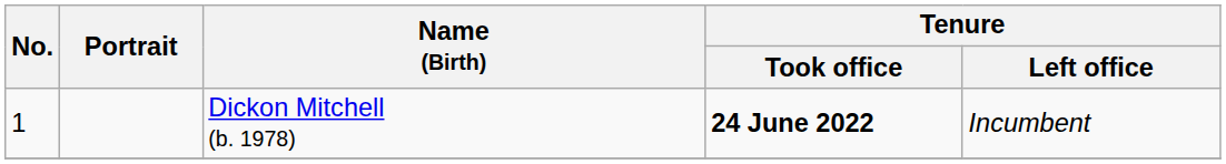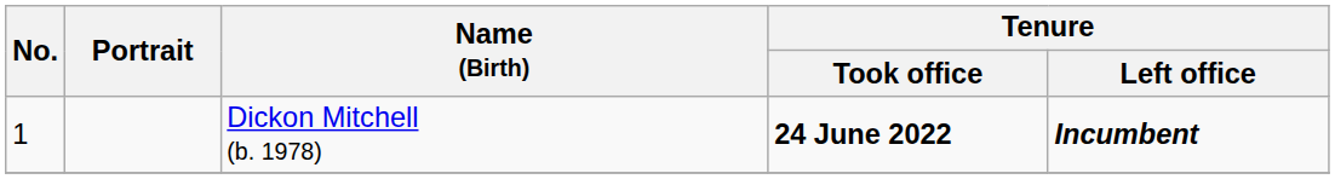 <table class="wikitable">
 <tr>
 <th scope="col" style="width:20px;" rowspan="2">No.</th>
 <th scope="col" style="width:80px;" rowspan="2">Portrait</th>
 <th scope="col" style="width:300px;" rowspan="2">Name<br><small>(Birth)</small></th>
 <th scope="col" style="width:300px;" colspan="2">Tenure</th>
 </tr>
 <tr>
 <th scope="col" style="width:150px;">Took office</th>
 <th scope="col" style="width:150px;">Left office</th>
 </tr>
 <tr>
 <td>1</td>
 <td style="text-align: center;"></td>
 <td><a href='#'>Dickon Mitchell</a><br><small>(b. 1978)</small></td>
 <td><strong>24 June 2022</strong></td>
-<td><em>Incumbent</em></td>
+<td><strong><em>Incumbent</em></strong></td>
 </tr>
 <tr>
 </tr>
 </table>
